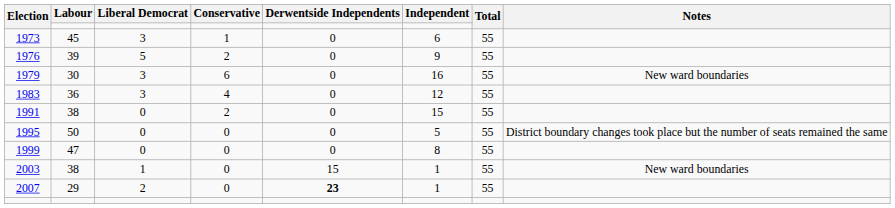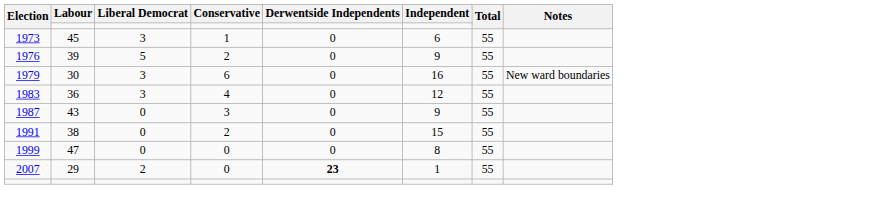 <table class="wikitable" style="text-align: center">
 <tr>
 <th rowspan="2">Election</th>
 <th>Labour</th>
 <th>Liberal Democrat</th>
 <th>Conservative</th>
 <th>Derwentside Independents</th>
 <th>Independent</th>
 <th rowspan="2">Total</th>
 <th rowspan="2">Notes</th>
 </tr>
 <tr>
 <td style="background-color: "></td>
 <td style="background-color: "></td>
 <td style="background-color: "></td>
 <td style="background-color: "></td>
 <td style="background-color: "></td>
 </tr>
 <tr>
 <td><a href='#'>1973</a></td>
 <td>45</td>
 <td>3</td>
 <td>1</td>
 <td>0</td>
 <td>6</td>
 <td>55</td>
 <td></td>
 </tr>
 <tr>
 <td><a href='#'>1976</a></td>
 <td>39</td>
 <td>5</td>
 <td>2</td>
 <td>0</td>
 <td>9</td>
 <td>55</td>
 <td></td>
 </tr>
 <tr>
 <td><a href='#'>1979</a></td>
 <td>30</td>
 <td>3</td>
 <td>6</td>
 <td>0</td>
 <td>16</td>
 <td>55</td>
 <td>New ward boundaries</td>
 </tr>
 <tr>
 <td><a href='#'>1983</a></td>
 <td>36</td>
 <td>3</td>
 <td>4</td>
 <td>0</td>
 <td>12</td>
 <td>55</td>
 <td></td>
 </tr>
 <tr>
+<td><a href='#'>1987</a></td>
+<td>43</td>
+<td>0</td>
+<td>3</td>
+<td>0</td>
+<td>9</td>
+<td>55</td>
+<td></td>
+</tr>
+<tr>
 <td><a href='#'>1991</a></td>
 <td>38</td>
 <td>0</td>
 <td>2</td>
 <td>0</td>
 <td>15</td>
 <td>55</td>
 <td></td>
 </tr>
 <tr>
-<td><a href='#'>1995</a></td>
-<td>50</td>
-<td>0</td>
-<td>0</td>
-<td>0</td>
-<td>5</td>
-<td>55</td>
-<td>District boundary changes took place but the number of seats remained the same</td>
-</tr>
-<tr>
 <td><a href='#'>1999</a></td>
 <td>47</td>
 <td>0</td>
 <td>0</td>
 <td>0</td>
 <td>8</td>
 <td>55</td>
 <td></td>
-</tr>
-<tr>
-<td><a href='#'>2003</a></td>
-<td>38</td>
-<td>1</td>
-<td>0</td>
-<td>15</td>
-<td>1</td>
-<td>55</td>
-<td>New ward boundaries</td>
 </tr>
 <tr>
 <td><a href='#'>2007</a></td>
 <td>29</td>
 <td>2</td>
 <td>0</td>
 <td><strong>23</strong></td>
 <td>1</td>
 <td>55</td>
 <td></td>
 </tr>
 <tr>
 <td></td>
 <td style="background-color: "></td>
 <td style="background-color: "></td>
 <td style="background-color: "></td>
 <td style="background-color: "></td>
 <td style="background-color: "></td>
 <td></td>
 <td></td>
 </tr>
 </table>
